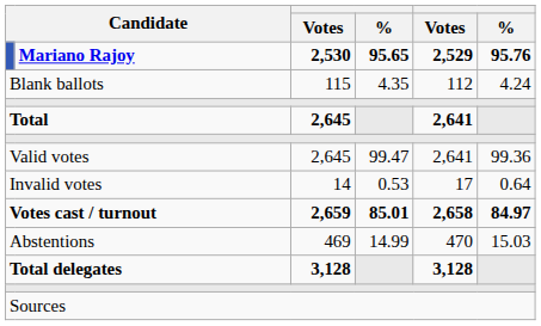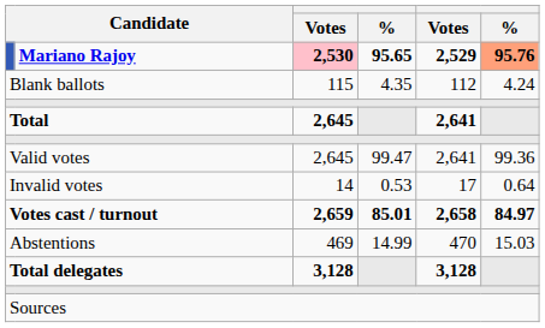 <table class="wikitable" style="text-align:right;">
 <tr>
 <th rowspan="2" colspan="2" width="250">Candidate</th>
 <th colspan="2"></th>
 <th colspan="2"></th>
 </tr>
 <tr>
 <th width="50">Votes</th>
 <th width="45">%</th>
 <th width="50">Votes</th>
 <th width="45">%</th>
 </tr>
 <tr>
 <td width="1" style="color:inherit;background:#3259B6"></td>
 <td align="left"><strong><a href='#'>Mariano Rajoy</a></strong></td>
-<td><strong>2,530</strong></td>
+<td style="background: pink;"><strong>2,530</strong></td>
 <td><strong>95.65</strong></td>
 <td><strong>2,529</strong></td>
-<td><strong>95.76</strong></td>
+<td style="background: lightsalmon;"><strong>95.76</strong></td>
 </tr>
 <tr>
 <td align="left" colspan="2">Blank ballots</td>
 <td>115</td>
 <td>4.35</td>
 <td>112</td>
 <td>4.24</td>
 </tr>
 <tr>
 <td colspan="6" bgcolor="#E9E9E9"></td>
 </tr>
 <tr style="font-weight:bold;">
 <td align="left" colspan="2">Total</td>
 <td>2,645</td>
 <td bgcolor="#E9E9E9"></td>
 <td>2,641</td>
 <td bgcolor="#E9E9E9"></td>
 </tr>
 <tr>
 <td colspan="6" bgcolor="#E9E9E9"></td>
 </tr>
 <tr>
 <td align="left" colspan="2">Valid votes</td>
 <td>2,645</td>
 <td>99.47</td>
 <td>2,641</td>
 <td>99.36</td>
 </tr>
 <tr>
 <td align="left" colspan="2">Invalid votes</td>
 <td>14</td>
 <td>0.53</td>
 <td>17</td>
 <td>0.64</td>
 </tr>
 <tr style="font-weight:bold;">
 <td align="left" colspan="2">Votes cast / turnout</td>
 <td>2,659</td>
 <td>85.01</td>
 <td>2,658</td>
 <td>84.97</td>
 </tr>
 <tr>
 <td align="left" colspan="2">Abstentions</td>
 <td>469</td>
 <td>14.99</td>
 <td>470</td>
 <td>15.03</td>
 </tr>
 <tr style="font-weight:bold;">
 <td align="left" colspan="2">Total delegates</td>
 <td>3,128</td>
 <td bgcolor="#E9E9E9"></td>
 <td>3,128</td>
 <td bgcolor="#E9E9E9"></td>
 </tr>
 <tr>
 <td colspan="6" bgcolor="#E9E9E9"></td>
 </tr>
 <tr>
 <td align="left" colspan="6">Sources</td>
 </tr>
 </table>
